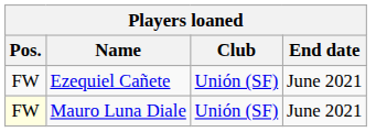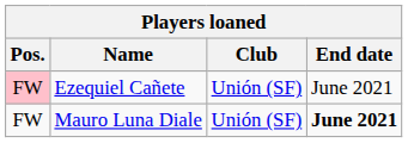 <table class="wikitable" style="font-size:95%;">
 <tr>
 <th colspan="6">Players loaned</th>
 </tr>
 <tr>
 <th>Pos.</th>
 <th>Name</th>
 <th>Club</th>
 <th>End date</th>
 </tr>
 <tr>
-<td align="center">FW</td>
+<td align="center" style="background: pink;">FW</td>
 <td> <a href='#'>Ezequiel Cañete</a></td>
 <td> <a href='#'>Unión (SF)</a></td>
 <td>June 2021</td>
 </tr>
 <tr>
-<td align="center" style="background: lightyellow;">FW</td>
+<td align="center">FW</td>
 <td> <a href='#'>Mauro Luna Diale</a></td>
 <td> <a href='#'>Unión (SF)</a></td>
-<td>June 2021</td>
+<td><strong>June 2021</strong></td>
 </tr>
 </table>
